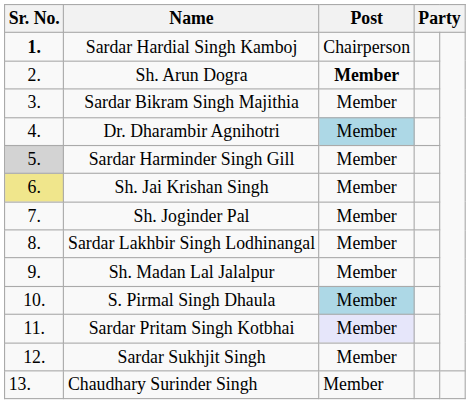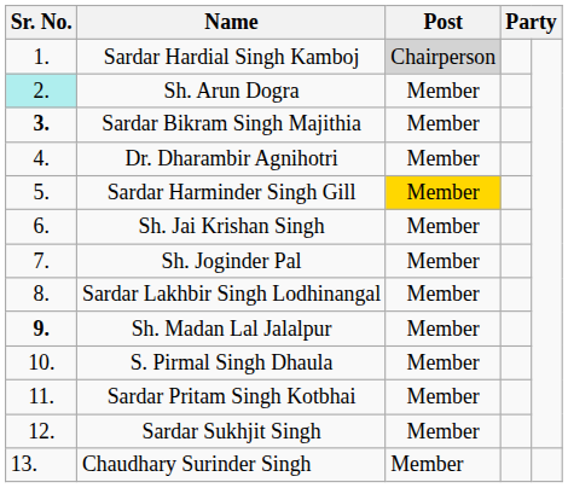 <table class="wikitable sortable">
 <tr>
 <th>Sr. No.</th>
 <th>Name</th>
 <th>Post</th>
 <th colspan="2">Party</th>
 </tr>
 <tr align="center">
-<td><strong>1.</strong></td>
+<td>1.</td>
 <td>Sardar Hardial Singh Kamboj</td>
-<td>Chairperson</td>
+<td style="background: lightgrey;">Chairperson</td>
 <td></td>
 </tr>
 <tr align="center">
-<td>2.</td>
+<td style="background: paleturquoise;">2.</td>
 <td>Sh. Arun Dogra</td>
-<td><strong>Member</strong></td>
+<td>Member</td>
 <td></td>
 </tr>
 <tr align="center">
-<td>3.</td>
+<td><strong>3.</strong></td>
 <td>Sardar Bikram Singh Majithia</td>
 <td>Member</td>
 <td></td>
 </tr>
 <tr align="center">
 <td>4.</td>
 <td>Dr. Dharambir Agnihotri</td>
-<td style="background: lightblue;">Member</td>
-<td></td>
-</tr>
-<tr align="center">
-<td style="background: lightgrey;">5.</td>
-<td>Sardar Harminder Singh Gill</td>
 <td>Member</td>
 <td></td>
 </tr>
 <tr align="center">
-<td style="background: khaki;">6.</td>
+<td>5.</td>
+<td>Sardar Harminder Singh Gill</td>
+<td style="background: gold;">Member</td>
+<td></td>
+</tr>
+<tr align="center">
+<td>6.</td>
 <td>Sh. Jai Krishan Singh</td>
 <td>Member</td>
 <td></td>
 </tr>
 <tr align="center">
 <td>7.</td>
 <td>Sh. Joginder Pal</td>
 <td>Member</td>
 <td></td>
 </tr>
 <tr align="center">
 <td>8.</td>
 <td>Sardar Lakhbir Singh Lodhinangal</td>
 <td>Member</td>
 <td></td>
 </tr>
 <tr align="center">
-<td>9.</td>
+<td><strong>9.</strong></td>
 <td>Sh. Madan Lal Jalalpur</td>
 <td>Member</td>
 <td></td>
 </tr>
 <tr align="center">
 <td>10.</td>
 <td>S. Pirmal Singh Dhaula</td>
-<td style="background: lightblue;">Member</td>
+<td>Member</td>
 <td></td>
 </tr>
 <tr align="center">
 <td>11.</td>
 <td>Sardar Pritam Singh Kotbhai</td>
-<td style="background: lavender;">Member</td>
+<td>Member</td>
 <td></td>
 </tr>
 <tr align="center">
 <td>12.</td>
 <td>Sardar Sukhjit Singh</td>
 <td>Member</td>
 <td></td>
 </tr>
 <tr>
 <td>13.</td>
 <td>Chaudhary Surinder Singh</td>
 <td>Member</td>
 <td></td>
 <td></td>
 </tr>
 </table>
